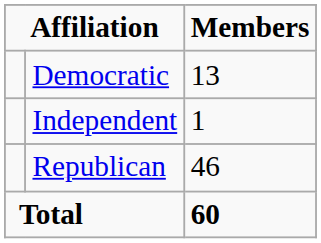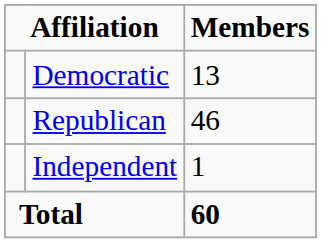 <table class="wikitable">
 <tr>
 <td colspan="2" rowspan="1" align="center" valign="top"><strong>Affiliation</strong></td>
 <td style="vertical-align:top;"><strong>Members</strong></td>
 </tr>
 <tr>
 <td style="background-color:"> </td>
 <td><a href='#'>Democratic</a></td>
 <td>13</td>
 </tr>
 <tr>
+<td style="background-color:"> </td>
+<td><a href='#'>Republican</a></td>
+<td>46</td>
+</tr>
+<tr>
 <td></td>
 <td><a href='#'>Independent</a></td>
 <td>1</td>
-</tr>
-<tr>
-<td style="background-color:"> </td>
-<td><a href='#'>Republican</a></td>
-<td>46</td>
 </tr>
 <tr>
 <td colspan="2" rowspan="1"> <strong>Total</strong></td>
 <td><strong>60</strong></td>
 </tr>
 </table>
